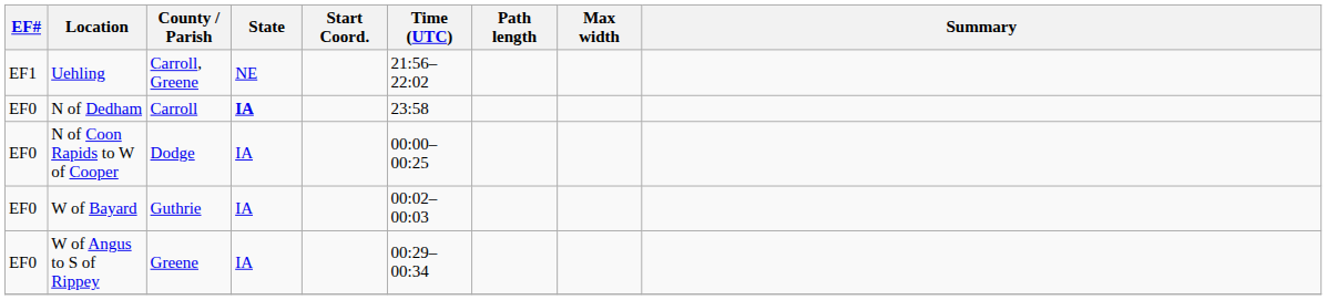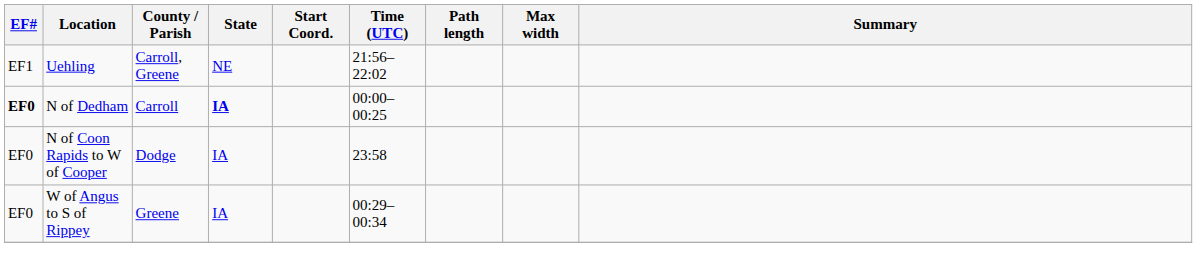 <table class="wikitable sortable" style="width:100%;">
 <tr>
 <th scope="col"  style="width:3%; text-align:center;"><a href='#'>EF#</a></th>
 <th scope="col"  style="width:7%; text-align:center;" class="unsortable">Location</th>
 <th scope="col"  style="width:6%; text-align:center;" class="unsortable">County / Parish</th>
 <th scope="col"  style="width:5%; text-align:center;">State</th>
 <th scope="col"  style="width:6%; text-align:center;">Start Coord.</th>
 <th scope="col"  style="width:6%; text-align:center;">Time (<a href='#'>UTC</a>)</th>
 <th scope="col"  style="width:6%; text-align:center;">Path length</th>
 <th scope="col"  style="width:6%; text-align:center;">Max width</th>
 <th scope="col" class="unsortable" style="width:48%; text-align:center;">Summary</th>
 </tr>
 <tr>
 <td>EF1</td>
 <td><a href='#'>Uehling</a></td>
 <td><a href='#'>Carroll</a>, <a href='#'>Greene</a></td>
 <td><a href='#'>NE</a></td>
 <td></td>
 <td>21:56–22:02</td>
 <td></td>
 <td></td>
 <td></td>
 </tr>
 <tr>
-<td>EF0</td>
+<td><strong>EF0</strong></td>
 <td>N of <a href='#'>Dedham</a></td>
 <td><a href='#'>Carroll</a></td>
 <td><strong><a href='#'>IA</a></strong></td>
 <td></td>
-<td>23:58</td>
+<td>00:00–00:25</td>
 <td></td>
 <td></td>
 <td></td>
 </tr>
 <tr>
 <td>EF0</td>
 <td>N of <a href='#'>Coon Rapids</a> to W of <a href='#'>Cooper</a></td>
 <td><a href='#'>Dodge</a></td>
 <td><a href='#'>IA</a></td>
 <td></td>
-<td>00:00–00:25</td>
-<td></td>
-<td></td>
-<td></td>
-</tr>
-<tr>
-<td>EF0</td>
-<td>W of <a href='#'>Bayard</a></td>
-<td><a href='#'>Guthrie</a></td>
-<td><a href='#'>IA</a></td>
-<td></td>
-<td>00:02–00:03</td>
+<td>23:58</td>
 <td></td>
 <td></td>
 <td></td>
 </tr>
 <tr>
 <td>EF0</td>
 <td>W of <a href='#'>Angus</a> to S of <a href='#'>Rippey</a></td>
 <td><a href='#'>Greene</a></td>
 <td><a href='#'>IA</a></td>
 <td></td>
 <td>00:29–00:34</td>
 <td></td>
 <td></td>
 <td></td>
 </tr>
 <tr>
 </tr>
 </table>
